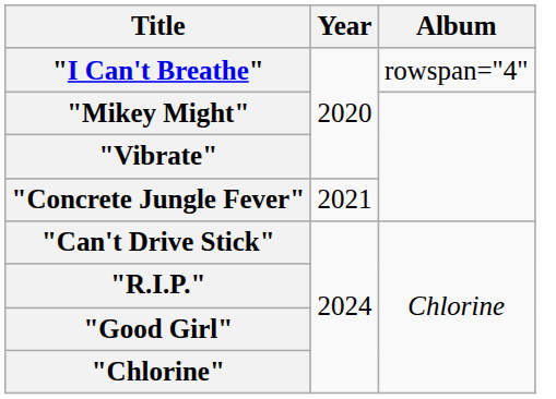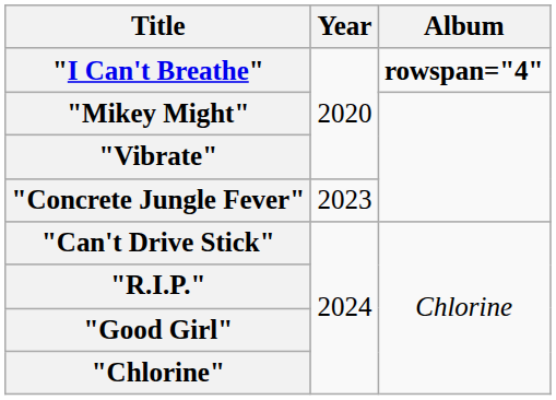 <table class="wikitable plainrowheaders" style="text-align:center;">
 <tr>
 <th>Title</th>
 <th>Year</th>
 <th>Album</th>
 </tr>
 <tr>
 <th scope="row">"<a href='#'>I Can't Breathe</a>"</th>
 <td rowspan="3">2020</td>
-<td>rowspan="4" </td>
+<td><strong>rowspan="4" </strong></td>
 </tr>
 <tr>
 <th scope="row">"Mikey Might"</th>
 </tr>
 <tr>
 <th scope="row">"Vibrate"</th>
 </tr>
 <tr>
 <th scope="row">"Concrete Jungle Fever"</th>
-<td>2021</td>
+<td>2023</td>
 </tr>
 <tr>
 <th scope="row">"Can't Drive Stick"</th>
 <td rowspan="4">2024</td>
 <td rowspan="4"><em>Chlorine</em></td>
 </tr>
 <tr>
 <th scope="row">"R.I.P."</th>
 </tr>
 <tr>
 <th scope="row">"Good Girl"</th>
 </tr>
 <tr>
 <th scope="row">"Chlorine"</th>
 </tr>
 </table>
